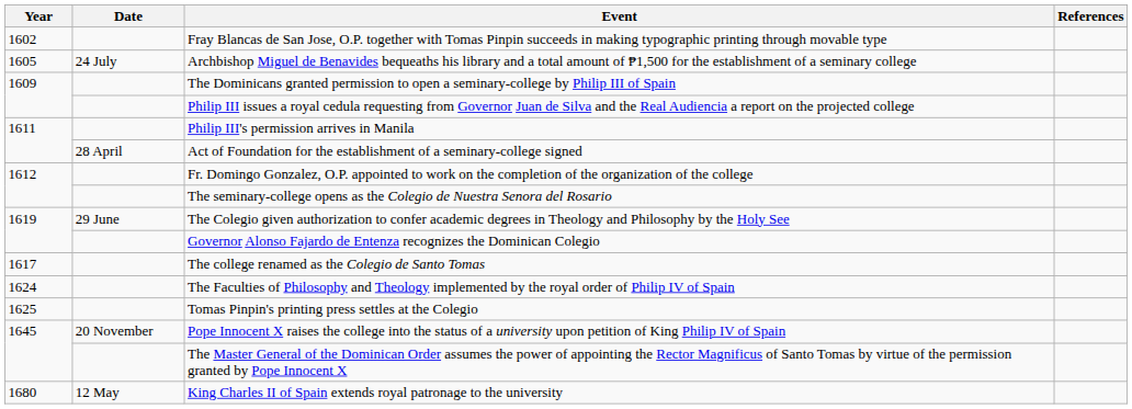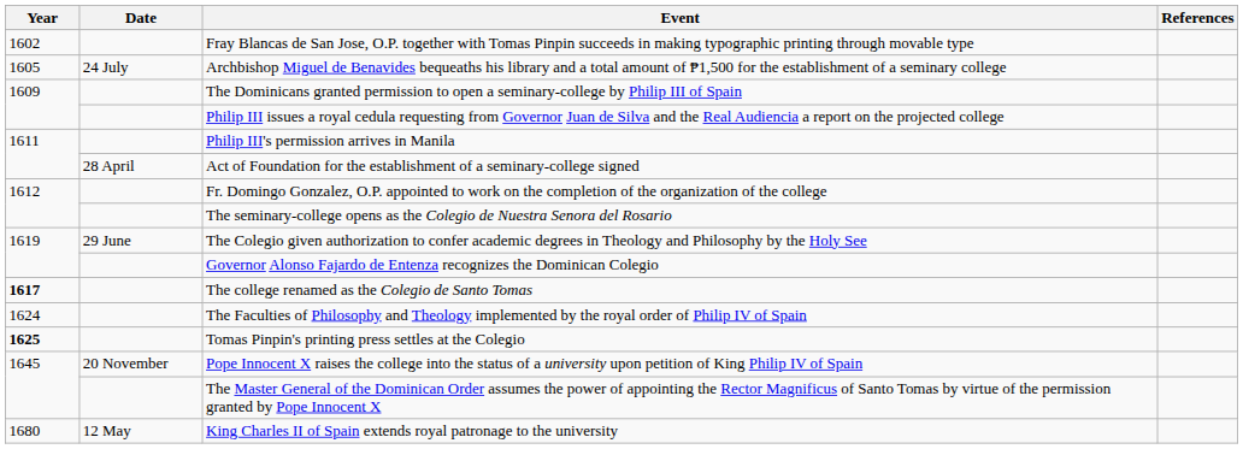 <table class="wikitable" width="100%">
 <tr>
 <th style="width:6%">Year</th>
 <th style="width:10%">Date</th>
 <th>Event</th>
 <th valign=>References</th>
 </tr>
 <tr>
 <td>1602</td>
 <td></td>
 <td>Fray Blancas de San Jose, O.P. together with Tomas Pinpin succeeds in making typographic printing through movable type</td>
 <td></td>
 </tr>
 <tr>
 <td>1605</td>
 <td>24 July</td>
 <td>Archbishop <a href='#'>Miguel de Benavides</a> bequeaths his library and a total amount of ₱1,500 for the establishment of a seminary college</td>
 <td></td>
 </tr>
 <tr>
 <td rowspan="2" valign="top">1609</td>
 <td></td>
 <td>The Dominicans granted permission to open a seminary-college by <a href='#'>Philip III of Spain</a></td>
 <td></td>
 </tr>
 <tr>
 <td></td>
 <td><a href='#'>Philip III</a> issues a royal cedula requesting from <a href='#'>Governor</a> <a href='#'>Juan de Silva</a> and the <a href='#'>Real Audiencia</a> a report on the projected college</td>
 <td></td>
 </tr>
 <tr>
 <td rowspan="2" valign="top">1611</td>
 <td></td>
 <td><a href='#'>Philip III</a>'s permission arrives in Manila</td>
 <td></td>
 </tr>
 <tr>
 <td>28 April</td>
 <td>Act of Foundation for the establishment of a seminary-college signed</td>
 <td></td>
 </tr>
 <tr>
 <td rowspan="2" valign="top">1612</td>
 <td></td>
 <td>Fr. Domingo Gonzalez, O.P. appointed to work on the completion of the organization of the college</td>
 <td></td>
 </tr>
 <tr>
 <td></td>
 <td>The seminary-college opens as the <em>Colegio de Nuestra Senora del Rosario</em></td>
 <td></td>
 </tr>
 <tr>
 <td rowspan="2" valign="top">1619</td>
 <td>29 June</td>
 <td>The Colegio given authorization to confer academic degrees in Theology and Philosophy by the <a href='#'>Holy See</a></td>
 <td></td>
 </tr>
 <tr>
 <td></td>
 <td><a href='#'>Governor</a> <a href='#'>Alonso Fajardo de Entenza</a> recognizes the Dominican Colegio</td>
 <td></td>
 </tr>
 <tr>
-<td>1617</td>
+<td><strong>1617</strong></td>
 <td></td>
 <td>The college renamed as the <em>Colegio de Santo Tomas</em></td>
 <td></td>
 </tr>
 <tr>
 <td>1624</td>
 <td></td>
 <td>The Faculties of <a href='#'>Philosophy</a> and <a href='#'>Theology</a> implemented by the royal order of <a href='#'>Philip IV of Spain</a></td>
 <td></td>
 </tr>
 <tr>
-<td>1625</td>
+<td><strong>1625</strong></td>
 <td></td>
 <td>Tomas Pinpin's printing press settles at the Colegio</td>
 <td></td>
 </tr>
 <tr>
 <td rowspan="2" valign="top">1645</td>
 <td>20 November</td>
 <td><a href='#'>Pope Innocent X</a> raises the college into the status of a <em>university</em> upon petition of King <a href='#'>Philip IV of Spain</a></td>
 <td></td>
 </tr>
 <tr>
 <td></td>
 <td>The <a href='#'>Master General of the Dominican Order</a> assumes the power of appointing the <a href='#'>Rector Magnificus</a> of Santo Tomas by virtue of the permission granted by <a href='#'>Pope Innocent X</a></td>
 <td></td>
 </tr>
 <tr>
 <td>1680</td>
 <td>12 May</td>
 <td><a href='#'>King Charles II of Spain</a> extends royal patronage to the university</td>
 <td></td>
 </tr>
 </table>
